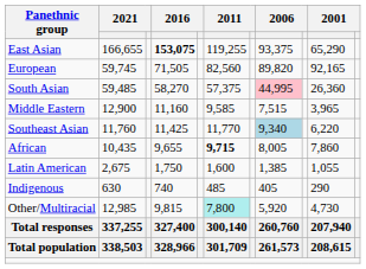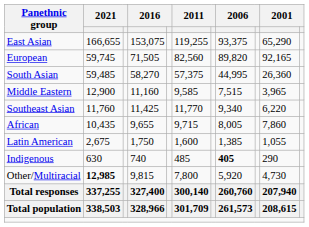 <table class="wikitable collapsible sortable">
 <tr>
 <th rowspan="2"><a href='#'>Panethnic</a><br>group</th>
 <th colspan="2">2021</th>
 <th colspan="2">2016</th>
 <th colspan="2">2011</th>
 <th colspan="2">2006</th>
 <th colspan="2">2001</th>
 </tr>
 <tr>
 <th><a href='#'></a></th>
 <th></th>
 <th></th>
 <th></th>
 <th></th>
 <th></th>
 <th></th>
 <th></th>
 <th></th>
 <th></th>
 </tr>
 <tr>
 <td><a href='#'>East Asian</a></td>
 <td>166,655</td>
 <td></td>
-<td><strong>153,075</strong></td>
+<td>153,075</td>
 <td></td>
 <td>119,255</td>
 <td></td>
 <td>93,375</td>
 <td></td>
 <td>65,290</td>
 <td></td>
 </tr>
 <tr>
 <td><a href='#'>European</a></td>
 <td>59,745</td>
 <td></td>
 <td>71,505</td>
 <td></td>
 <td>82,560</td>
 <td></td>
 <td>89,820</td>
 <td></td>
 <td>92,165</td>
 <td></td>
 </tr>
 <tr>
 <td><a href='#'>South Asian</a></td>
 <td>59,485</td>
 <td></td>
 <td>58,270</td>
 <td></td>
 <td>57,375</td>
 <td></td>
-<td style="background: pink;">44,995</td>
+<td>44,995</td>
 <td></td>
 <td>26,360</td>
 <td></td>
 </tr>
 <tr>
 <td><a href='#'>Middle Eastern</a></td>
 <td>12,900</td>
 <td></td>
 <td>11,160</td>
 <td></td>
 <td>9,585</td>
 <td></td>
 <td>7,515</td>
 <td></td>
 <td>3,965</td>
 <td></td>
 </tr>
 <tr>
 <td><a href='#'>Southeast Asian</a></td>
 <td>11,760</td>
 <td></td>
 <td>11,425</td>
 <td></td>
 <td>11,770</td>
 <td></td>
-<td style="background: lightblue;">9,340</td>
+<td>9,340</td>
 <td></td>
 <td>6,220</td>
 <td></td>
 </tr>
 <tr>
 <td><a href='#'>African</a></td>
 <td>10,435</td>
 <td></td>
 <td>9,655</td>
 <td></td>
-<td><strong>9,715</strong></td>
+<td>9,715</td>
 <td></td>
 <td>8,005</td>
 <td></td>
 <td>7,860</td>
 <td></td>
 </tr>
 <tr>
 <td><a href='#'>Latin American</a></td>
 <td>2,675</td>
 <td></td>
 <td>1,750</td>
 <td></td>
 <td>1,600</td>
 <td></td>
 <td>1,385</td>
 <td></td>
 <td>1,055</td>
 <td></td>
 </tr>
 <tr>
 <td><a href='#'>Indigenous</a></td>
 <td>630</td>
 <td></td>
 <td>740</td>
 <td></td>
 <td>485</td>
 <td></td>
-<td>405</td>
+<td><strong>405</strong></td>
 <td></td>
 <td>290</td>
 <td></td>
 </tr>
 <tr>
 <td>Other/<a href='#'>Multiracial</a></td>
-<td>12,985</td>
+<td><strong>12,985</strong></td>
 <td></td>
 <td>9,815</td>
 <td></td>
-<td style="background: paleturquoise;">7,800</td>
+<td>7,800</td>
 <td></td>
 <td>5,920</td>
 <td></td>
 <td>4,730</td>
 <td></td>
 </tr>
 <tr>
 <th>Total responses</th>
 <th>337,255</th>
 <th></th>
 <th>327,400</th>
 <th></th>
 <th>300,140</th>
 <th></th>
 <th>260,760</th>
 <th></th>
 <th>207,940</th>
 <th></th>
 </tr>
 <tr>
 <th>Total population</th>
 <th>338,503</th>
 <th></th>
 <th>328,966</th>
 <th></th>
 <th>301,709</th>
 <th></th>
 <th>261,573</th>
 <th></th>
 <th>208,615</th>
 <th></th>
 </tr>
 <tr class="sortbottom">
 <td colspan="15"></td>
 </tr>
 </table>
